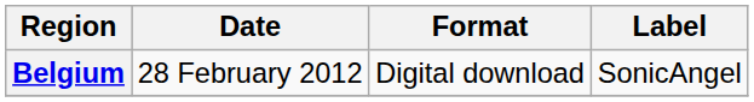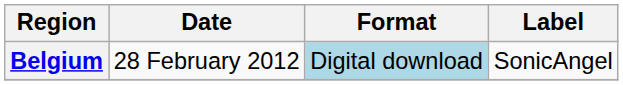 <table class="wikitable sortable plainrowheaders">
 <tr>
 <th scope="col">Region</th>
 <th scope="col">Date</th>
 <th scope="col">Format</th>
 <th scope="col">Label</th>
 </tr>
 <tr>
 <th scope="row"><a href='#'>Belgium</a></th>
 <td>28 February 2012</td>
-<td>Digital download</td>
+<td style="background: lightblue;">Digital download</td>
 <td>SonicAngel</td>
 </tr>
 <tr>
 </tr>
 </table>
